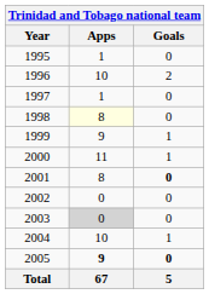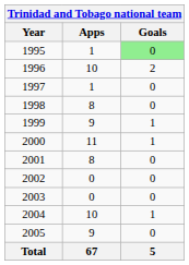 <table class="wikitable" style="text-align:center">
 <tr>
 <th colspan=3><a href='#'>Trinidad and Tobago national team</a></th>
 </tr>
 <tr>
 <th>Year</th>
 <th>Apps</th>
 <th>Goals</th>
 </tr>
 <tr>
 <td>1995</td>
 <td>1</td>
-<td>0</td>
+<td style="background: lightgreen;">0</td>
 </tr>
 <tr>
 <td>1996</td>
 <td>10</td>
 <td>2</td>
 </tr>
 <tr>
 <td>1997</td>
 <td>1</td>
 <td>0</td>
 </tr>
 <tr>
 <td>1998</td>
-<td style="background: lightyellow;">8</td>
+<td>8</td>
 <td>0</td>
 </tr>
 <tr>
 <td>1999</td>
 <td>9</td>
 <td>1</td>
 </tr>
 <tr>
 <td>2000</td>
 <td>11</td>
 <td>1</td>
 </tr>
 <tr>
 <td>2001</td>
 <td>8</td>
-<td><strong>0</strong></td>
+<td>0</td>
 </tr>
 <tr>
 <td>2002</td>
 <td>0</td>
 <td>0</td>
 </tr>
 <tr>
 <td>2003</td>
-<td style="background: lightgrey;">0</td>
+<td>0</td>
 <td>0</td>
 </tr>
 <tr>
 <td>2004</td>
 <td>10</td>
 <td>1</td>
 </tr>
 <tr>
 <td>2005</td>
-<td><strong>9</strong></td>
-<td><strong>0</strong></td>
+<td>9</td>
+<td>0</td>
 </tr>
 <tr>
 <th>Total</th>
 <th>67</th>
 <th>5</th>
 </tr>
 </table>
